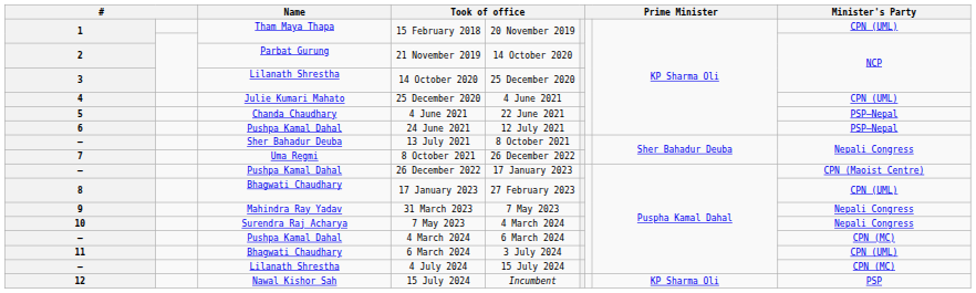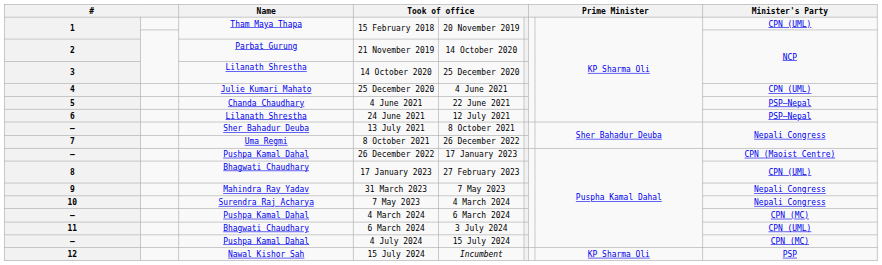 <table class="wikitable"  style="text-align:center">
 <tr>
 <th width=280px colspan="2">#</th>
 <th width=280px>Name</th>
 <th width=280px colspan="3">Took of office</th>
 <th width=280px colspan="2">Prime Minister</th>
 <th width=280px>Minister's Party</th>
 </tr>
 <tr>
 <th rowspan="2">1</th>
 <td style="background-color: "></td>
 <td rowspan="2"><a href='#'>Tham Maya Thapa</a><br><br></td>
 <td rowspan="2">15 February 2018</td>
 <td rowspan="2">20 November 2019</td>
 <th rowspan="2"></th>
 <td rowspan="7" style="background-color: "></td>
 <td rowspan="7"><a href='#'>KP Sharma Oli</a></td>
 <td><a href='#'>CPN (UML)</a></td>
 </tr>
 <tr>
 <td rowspan="3"></td>
 <td rowspan="3"><a href='#'>NCP</a></td>
 </tr>
 <tr>
 <th>2</th>
 <td><a href='#'>Parbat Gurung</a><br><br></td>
 <td>21 November 2019</td>
 <td>14 October 2020</td>
 <th></th>
 </tr>
 <tr>
 <th>3</th>
 <td><a href='#'>Lilanath Shrestha</a><br><br></td>
 <td>14 October 2020</td>
 <td>25 December 2020</td>
 <th></th>
 </tr>
 <tr>
 <th>4</th>
 <td style="background-color: "></td>
 <td><a href='#'>Julie Kumari Mahato</a><br></td>
 <td>25 December 2020</td>
 <td>4 June 2021</td>
 <th></th>
 <td><a href='#'>CPN (UML)</a></td>
 </tr>
 <tr>
 <th>5</th>
 <td style="background-color: "></td>
 <td><a href='#'>Chanda Chaudhary</a><br></td>
 <td>4 June 2021</td>
 <td>22 June 2021</td>
 <th></th>
 <td><a href='#'>PSP–Nepal</a></td>
 </tr>
 <tr>
 <th>6</th>
 <td style="background-color: "></td>
-<td><a href='#'>Pushpa Kamal Dahal</a><br></td>
+<td><a href='#'>Lilanath Shrestha</a><br></td>
 <td>24 June 2021</td>
 <td>12 July 2021</td>
 <th></th>
 <td><a href='#'>PSP–Nepal</a></td>
 </tr>
 <tr>
 <th>–</th>
 <td style="background-color: "></td>
 <td><a href='#'>Sher Bahadur Deuba</a><br></td>
 <td>13 July 2021</td>
 <td>8 October 2021</td>
 <th></th>
 <td rowspan="2" style="background-color: "></td>
 <td rowspan="2"><a href='#'>Sher Bahadur Deuba</a></td>
 <td rowspan="2"><a href='#'>Nepali Congress</a></td>
 </tr>
 <tr>
 <th>7</th>
 <td style="background-color: "></td>
 <td><a href='#'>Uma Regmi</a><br></td>
 <td>8 October 2021</td>
 <td>26 December 2022</td>
 <th></th>
 </tr>
 <tr>
 <th>–</th>
 <td style="background-color: "></td>
 <td><a href='#'>Pushpa Kamal Dahal</a><br></td>
 <td>26 December 2022</td>
 <td>17 January 2023</td>
 <th></th>
 <td rowspan="7" style="background-color: "></td>
 <td rowspan="7"><a href='#'>Puspha Kamal Dahal</a></td>
 <td><a href='#'>CPN (Maoist Centre)</a></td>
 </tr>
 <tr>
 <th>8</th>
 <td style="background-color: "></td>
 <td><a href='#'>Bhagwati Chaudhary</a><br><br></td>
 <td>17 January 2023</td>
 <td>27 February 2023</td>
 <th></th>
 <td><a href='#'>CPN (UML)</a></td>
 </tr>
 <tr>
 <th>9</th>
 <td style="background-color: "></td>
 <td><a href='#'>Mahindra Ray Yadav</a><br></td>
 <td>31 March 2023</td>
 <td>7 May 2023</td>
 <th></th>
 <td><a href='#'>Nepali Congress</a></td>
 </tr>
 <tr>
 <th>10</th>
 <td style="background-color: "></td>
 <td><a href='#'>Surendra Raj Acharya</a><br></td>
 <td>7 May 2023</td>
 <td>4 March 2024</td>
 <th></th>
 <td><a href='#'>Nepali Congress</a></td>
 </tr>
 <tr>
 <th>–</th>
 <td style="background-color: "></td>
 <td><a href='#'>Pushpa Kamal Dahal</a><br></td>
 <td>4 March 2024</td>
 <td>6 March 2024</td>
 <th></th>
 <td><a href='#'>CPN (MC)</a></td>
 </tr>
 <tr>
 <th>11</th>
 <td style="background-color: "></td>
 <td><a href='#'>Bhagwati Chaudhary</a><br></td>
 <td>6 March 2024</td>
 <td>3 July 2024</td>
 <th></th>
 <td><a href='#'>CPN (UML)</a></td>
 </tr>
 <tr>
 <th>–</th>
 <td style="background-color: "></td>
-<td><a href='#'>Lilanath Shrestha</a><br></td>
+<td><a href='#'>Pushpa Kamal Dahal</a><br></td>
 <td>4 July 2024</td>
 <td>15 July 2024</td>
 <th></th>
 <td><a href='#'>CPN (MC)</a></td>
 </tr>
 <tr>
 <th>12</th>
 <td style="background-color: "></td>
 <td><a href='#'>Nawal Kishor Sah</a><br> </td>
 <td>15 July 2024</td>
 <td><em>Incumbent</em></td>
 <th></th>
 <td rowspan="1" style="background-color: "></td>
 <td rowspan="1"><a href='#'>KP Sharma Oli</a></td>
 <td><a href='#'>PSP</a></td>
 </tr>
 </table>
